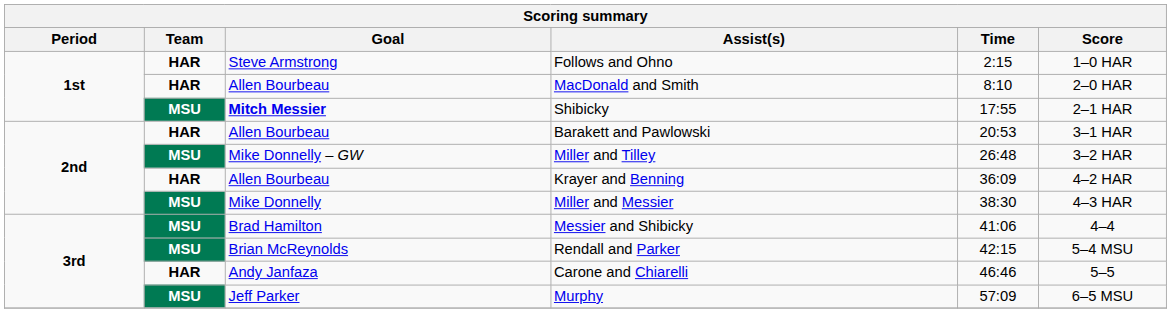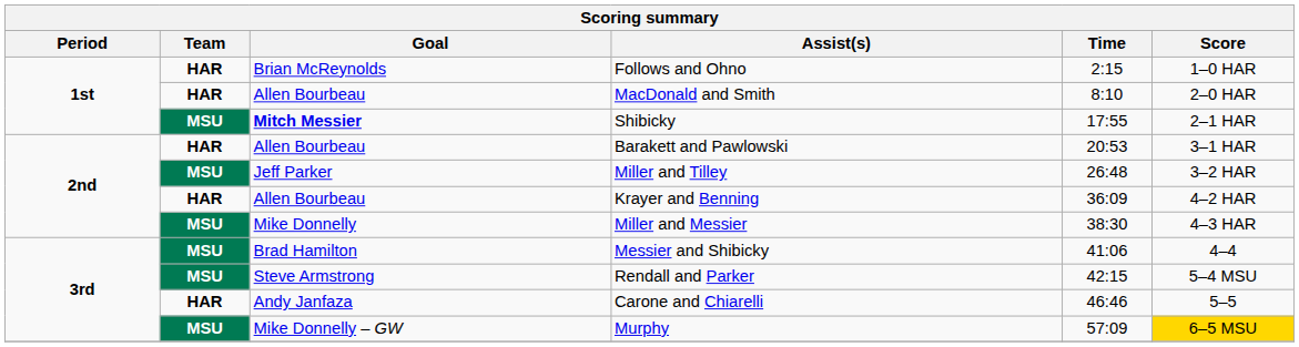 <table style="width:100%;" class="wikitable">
 <tr>
 <th colspan=6>Scoring summary</th>
 </tr>
 <tr>
 <th style="width:12%;">Period</th>
 <th style="width:7%;">Team</th>
 <th style="width:28%;">Goal</th>
 <th style="width:35%;">Assist(s)</th>
 <th style="width:7%;">Time</th>
 <th style="width:11%;">Score</th>
 </tr>
 <tr>
 <td style="text-align:center;" rowspan="3"><strong>1st</strong></td>
 <td align=center><strong>HAR</strong></td>
-<td><a href='#'>Steve Armstrong</a></td>
+<td><a href='#'>Brian McReynolds</a></td>
 <td>Follows and Ohno</td>
 <td align=center>2:15</td>
 <td align=center>1–0 HAR</td>
 </tr>
 <tr>
 <td align=center><strong>HAR</strong></td>
 <td><a href='#'>Allen Bourbeau</a></td>
 <td><a href='#'>MacDonald</a> and Smith</td>
 <td align=center>8:10</td>
 <td align=center>2–0 HAR</td>
 </tr>
 <tr>
 <td align=center style="color:white; background:#007A53"><strong>MSU</strong></td>
 <td><strong><a href='#'>Mitch Messier</a></strong></td>
 <td>Shibicky</td>
 <td align=center>17:55</td>
 <td align=center>2–1 HAR</td>
 </tr>
 <tr>
 <td style="text-align:center;" rowspan="4"><strong>2nd</strong></td>
 <td align=center><strong>HAR</strong></td>
 <td><a href='#'>Allen Bourbeau</a></td>
 <td>Barakett and Pawlowski</td>
 <td align=center>20:53</td>
 <td align=center>3–1 HAR</td>
 </tr>
 <tr>
 <td align=center style="color:white; background:#007A53"><strong>MSU</strong></td>
-<td><a href='#'>Mike Donnelly</a> – <em>GW</em></td>
+<td><a href='#'>Jeff Parker</a></td>
 <td><a href='#'>Miller</a> and <a href='#'>Tilley</a></td>
 <td align=center>26:48</td>
 <td align=center>3–2 HAR</td>
 </tr>
 <tr>
 <td align=center><strong>HAR</strong></td>
 <td><a href='#'>Allen Bourbeau</a></td>
 <td>Krayer and <a href='#'>Benning</a></td>
 <td align=center>36:09</td>
 <td align=center>4–2 HAR</td>
 </tr>
 <tr>
 <td align=center style="color:white; background:#007A53"><strong>MSU</strong></td>
 <td><a href='#'>Mike Donnelly</a></td>
 <td><a href='#'>Miller</a> and <a href='#'>Messier</a></td>
 <td align=center>38:30</td>
 <td align=center>4–3 HAR</td>
 </tr>
 <tr>
 <td style="text-align:center;" rowspan="4"><strong>3rd</strong></td>
 <td align=center style="color:white; background:#007A53"><strong>MSU</strong></td>
 <td><a href='#'>Brad Hamilton</a></td>
 <td><a href='#'>Messier</a> and Shibicky</td>
 <td align=center>41:06</td>
 <td align=center>4–4</td>
 </tr>
 <tr>
 <td align=center style="color:white; background:#007A53"><strong>MSU</strong></td>
-<td><a href='#'>Brian McReynolds</a></td>
+<td><a href='#'>Steve Armstrong</a></td>
 <td>Rendall and <a href='#'>Parker</a></td>
 <td align=center>42:15</td>
 <td align=center>5–4 MSU</td>
 </tr>
 <tr>
 <td align=center><strong>HAR</strong></td>
 <td><a href='#'>Andy Janfaza</a></td>
 <td>Carone and <a href='#'>Chiarelli</a></td>
 <td align=center>46:46</td>
 <td align=center>5–5</td>
 </tr>
 <tr>
 <td align=center style="color:white; background:#007A53"><strong>MSU</strong></td>
-<td><a href='#'>Jeff Parker</a></td>
+<td><a href='#'>Mike Donnelly</a> – <em>GW</em></td>
 <td><a href='#'>Murphy</a></td>
 <td align=center>57:09</td>
-<td align=center>6–5 MSU</td>
+<td align=center style="background: gold;">6–5 MSU</td>
 </tr>
 <tr>
 </tr>
 </table>
